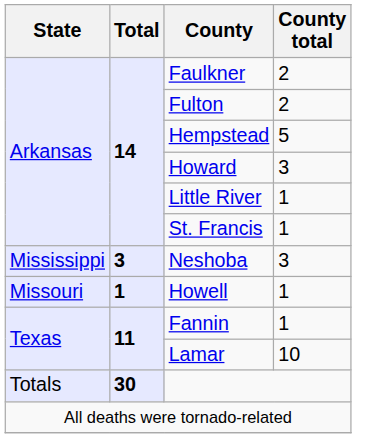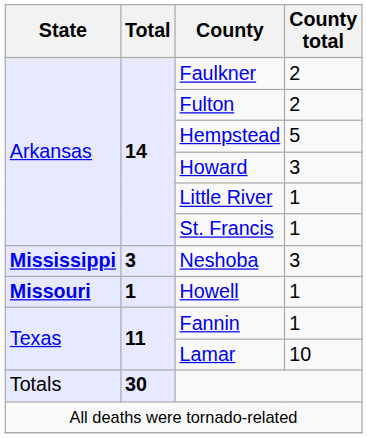 <table class="wikitable" style="margin:0 0 0.5em 1em; float:left; clear:left;">
 <tr>
 <th><strong>State</strong></th>
 <th><strong>Total</strong></th>
 <th><strong>County</strong></th>
 <th><strong>County<br>total</strong></th>
 </tr>
 <tr>
 <td rowspan=6 bgcolor="#e6e9ff"><a href='#'>Arkansas</a></td>
 <td rowspan=6 bgcolor="#e6e9ff"><strong>14</strong></td>
 <td><a href='#'>Faulkner</a></td>
 <td>2</td>
 </tr>
 <tr>
 <td><a href='#'>Fulton</a></td>
 <td>2</td>
 </tr>
 <tr>
 <td><a href='#'>Hempstead</a></td>
 <td>5</td>
 </tr>
 <tr>
 <td><a href='#'>Howard</a></td>
 <td>3</td>
 </tr>
 <tr>
 <td><a href='#'>Little River</a></td>
 <td>1</td>
 </tr>
 <tr>
 <td><a href='#'>St. Francis</a></td>
 <td>1</td>
 </tr>
 <tr>
-<td rowspan=1 bgcolor="#e6e9ff"><a href='#'>Mississippi</a></td>
+<td rowspan=1 bgcolor="#e6e9ff"><strong><a href='#'>Mississippi</a></strong></td>
 <td rowspan=1 bgcolor="#e6e9ff"><strong>3</strong></td>
 <td><a href='#'>Neshoba</a></td>
 <td>3</td>
 </tr>
 <tr>
-<td rowspan=1 bgcolor="#e6e9ff"><a href='#'>Missouri</a></td>
+<td rowspan=1 bgcolor="#e6e9ff"><strong><a href='#'>Missouri</a></strong></td>
 <td rowspan=1 bgcolor="#e6e9ff"><strong>1</strong></td>
 <td><a href='#'>Howell</a></td>
 <td>1</td>
 </tr>
 <tr>
 <td rowspan=2 bgcolor="#e6e9ff"><a href='#'>Texas</a></td>
 <td rowspan=2 bgcolor="#e6e9ff"><strong>11</strong></td>
 <td><a href='#'>Fannin</a></td>
 <td>1</td>
 </tr>
 <tr>
 <td><a href='#'>Lamar</a></td>
 <td>10</td>
 </tr>
 <tr>
 <td bgcolor="#e6e9ff">Totals</td>
 <td bgcolor="#e6e9ff"><strong>30</strong></td>
 <td colspan=2></td>
 </tr>
 <tr>
 <td colspan=4 align=center><small>All deaths were tornado-related</small></td>
 </tr>
 <tr>
 </tr>
 </table>
